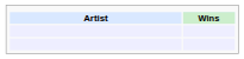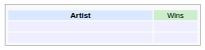 <table class="infobox" style="width: 25em; text-align: center; font-size: 70%; vertical-align: middle;">
 <tr>
 <td colspan="3" style="text-align:center;"></td>
 </tr>
 <tr style="background:#d9e8ff; text-align:center;">
 <th style="vertical-align: middle;">Artist</th>
-<td style="background:#cec; font-size:8pt; width:60px;"><strong>Wins</strong></td>
+<td style="background:#cec; font-size:8pt; width:60px;">Wins</td>
 </tr>
 <tr style="background:#eef;">
 <td style="text-align:center;"><br></td>
 <td></td>
 </tr>
 <tr style="background:#eef;">
 <td style="text-align:center;"><br></td>
 <td></td>
 </tr>
 </table>
